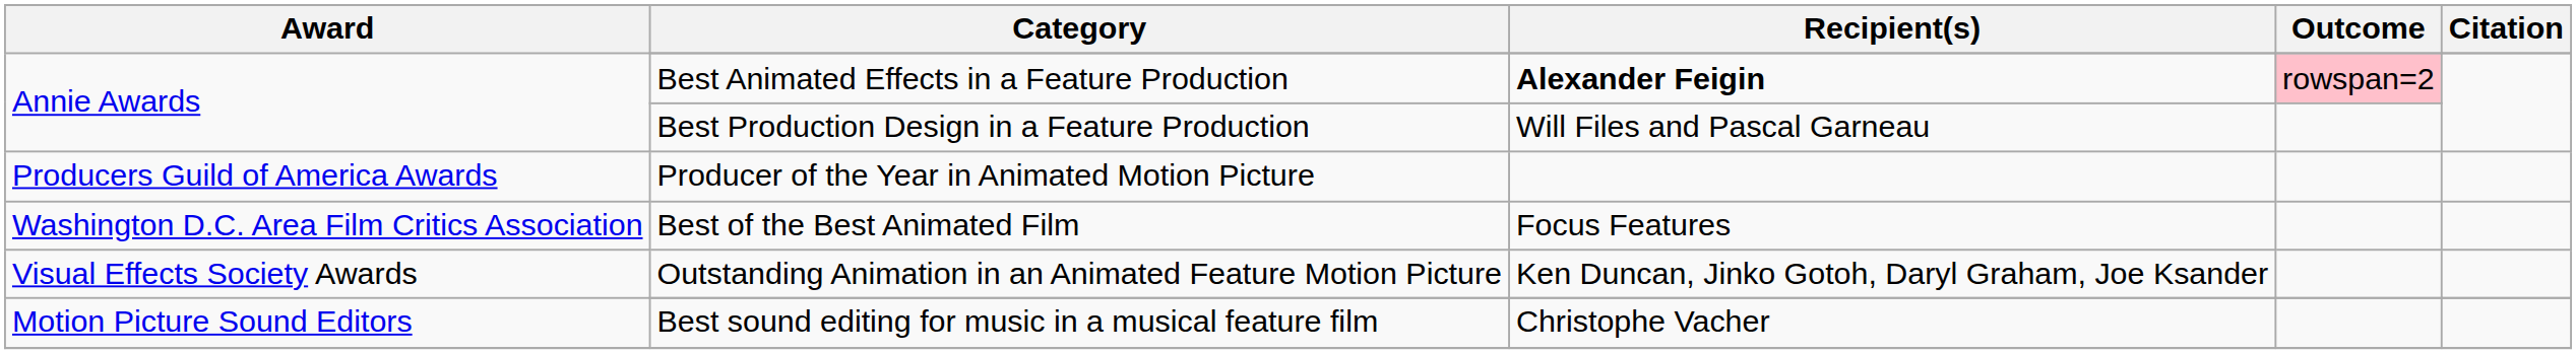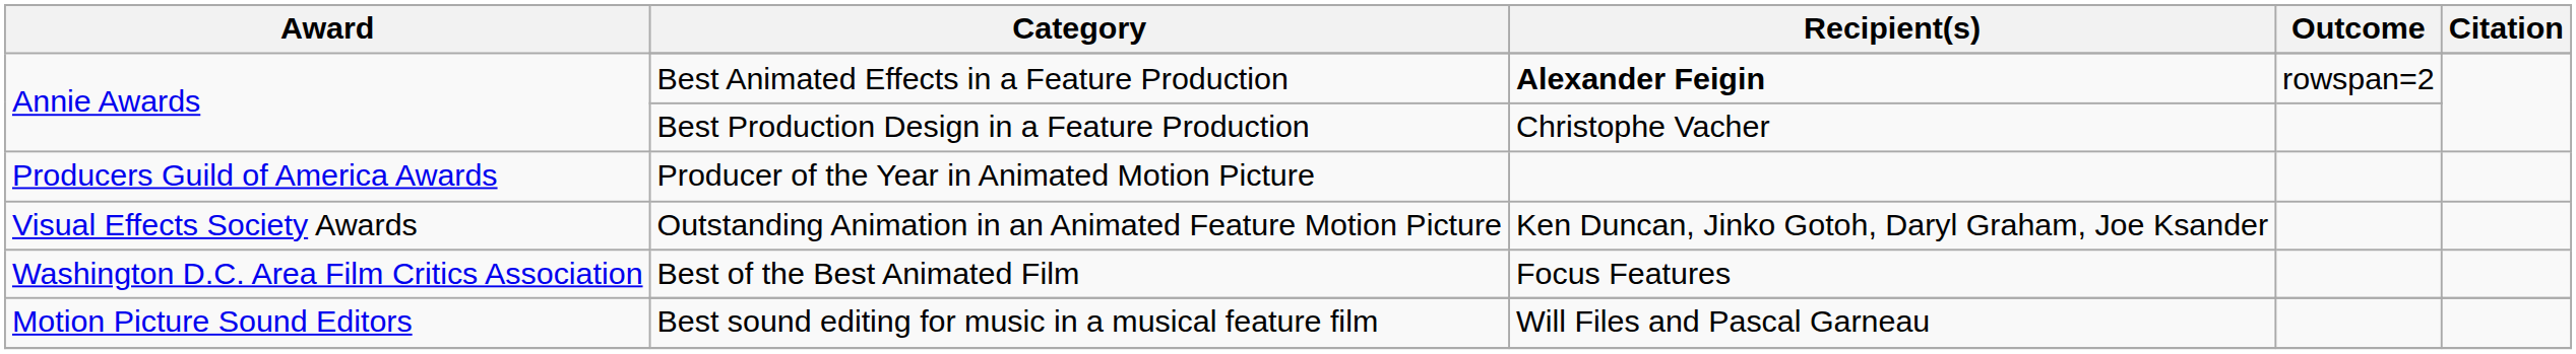 <table class="wikitable">
 <tr>
 </tr>
 <tr>
 <th>Award</th>
 <th>Category</th>
 <th>Recipient(s)</th>
 <th>Outcome</th>
 <th>Citation</th>
 </tr>
 <tr>
 <td rowspan=3><a href='#'>Annie Awards</a></td>
 </tr>
 <tr>
 <td>Best Animated Effects in a Feature Production</td>
 <td><strong>Alexander Feigin</strong></td>
-<td style="background: pink;">rowspan=2 </td>
+<td>rowspan=2 </td>
 <td rowspan=2></td>
 </tr>
 <tr>
 <td>Best Production Design in a Feature Production</td>
-<td>Will Files and Pascal Garneau</td>
+<td>Christophe Vacher</td>
 </tr>
 <tr>
 <td><a href='#'>Producers Guild of America Awards</a></td>
 <td>Producer of the Year in Animated Motion Picture</td>
 <td></td>
+<td></td>
+<td></td>
+</tr>
+<tr>
+<td><a href='#'>Visual Effects Society</a> Awards</td>
+<td>Outstanding Animation in an Animated Feature Motion Picture</td>
+<td>Ken Duncan, Jinko Gotoh, Daryl Graham, Joe Ksander</td>
 <td></td>
 <td></td>
 </tr>
 <tr>
 <td><a href='#'>Washington D.C. Area Film Critics Association</a></td>
 <td>Best of the Best Animated Film</td>
 <td>Focus Features</td>
 <td></td>
 <td></td>
 </tr>
 <tr>
-<td><a href='#'>Visual Effects Society</a> Awards</td>
-<td>Outstanding Animation in an Animated Feature Motion Picture</td>
-<td>Ken Duncan, Jinko Gotoh, Daryl Graham, Joe Ksander</td>
-<td></td>
-<td></td>
-</tr>
-<tr>
 <td rowspan=2><a href='#'>Motion Picture Sound Editors</a></td>
 </tr>
 <tr>
 <td>Best sound editing for music in a musical feature film</td>
-<td>Christophe Vacher</td>
+<td>Will Files and Pascal Garneau</td>
 <td></td>
 <td></td>
 </tr>
 <tr>
 </tr>
 </table>
